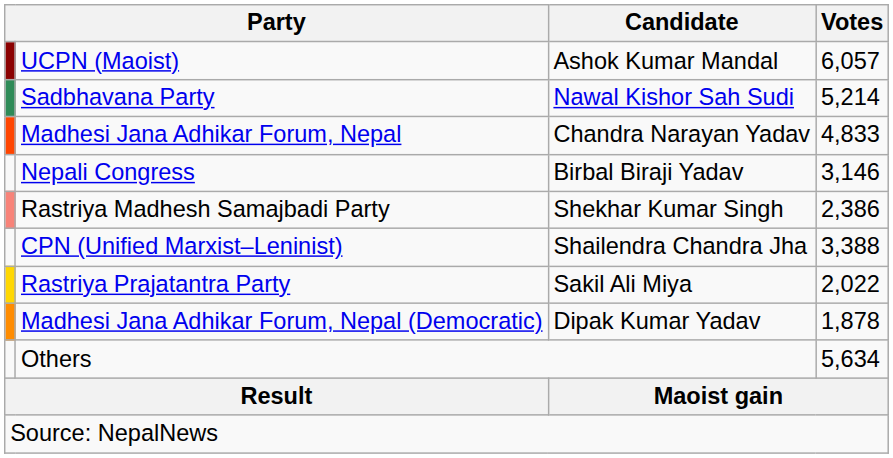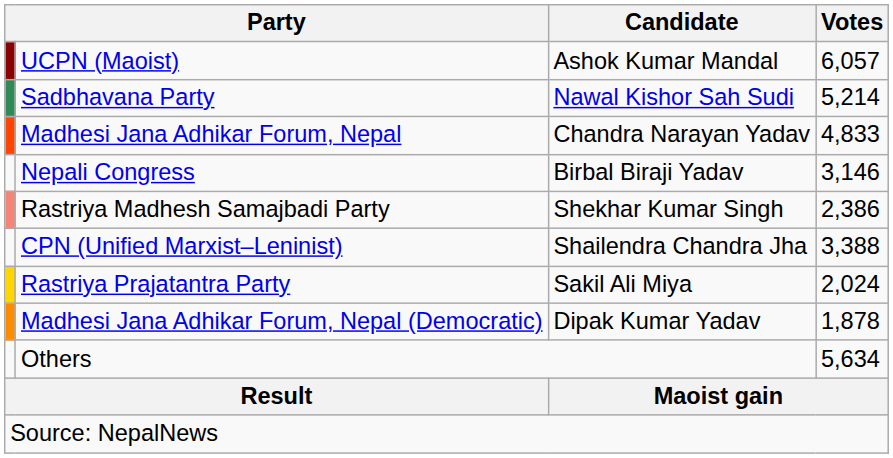 <table class="wikitable">
 <tr>
 <th colspan="2">Party</th>
 <th>Candidate</th>
 <th>Votes</th>
 </tr>
 <tr>
 <td style="background-color:darkred"></td>
 <td><a href='#'>UCPN (Maoist)</a></td>
 <td>Ashok Kumar Mandal</td>
 <td>6,057</td>
 </tr>
 <tr>
 <td style="background-color:seagreen"></td>
 <td><a href='#'>Sadbhavana Party</a></td>
 <td><a href='#'>Nawal Kishor Sah Sudi</a></td>
 <td>5,214</td>
 </tr>
 <tr>
 <td style="background-color:orangered"></td>
 <td><a href='#'>Madhesi Jana Adhikar Forum, Nepal</a></td>
 <td>Chandra Narayan Yadav</td>
 <td>4,833</td>
 </tr>
 <tr>
 <td style="background-color:"></td>
 <td><a href='#'>Nepali Congress</a></td>
 <td>Birbal Biraji Yadav</td>
 <td>3,146</td>
 </tr>
 <tr>
 <td style="background-color:#F88379"></td>
 <td>Rastriya Madhesh Samajbadi Party</td>
 <td>Shekhar Kumar Singh</td>
 <td>2,386</td>
 </tr>
 <tr>
 <td style="background-color:"></td>
 <td><a href='#'>CPN (Unified Marxist–Leninist)</a></td>
 <td>Shailendra Chandra Jha</td>
 <td>3,388</td>
 </tr>
 <tr>
 <td style="background-color:gold"></td>
 <td><a href='#'>Rastriya Prajatantra Party</a></td>
 <td>Sakil Ali Miya</td>
-<td>2,022</td>
+<td>2,024</td>
 </tr>
 <tr>
 <td style="background-color:darkorange"></td>
 <td><a href='#'>Madhesi Jana Adhikar Forum, Nepal (Democratic)</a></td>
 <td>Dipak Kumar Yadav</td>
 <td>1,878</td>
 </tr>
 <tr>
 <td></td>
 <td colspan="2">Others</td>
 <td>5,634</td>
 </tr>
 <tr>
 <th colspan="2">Result</th>
 <th colspan="2">Maoist gain</th>
 </tr>
 <tr>
 <td colspan="4">Source: NepalNews</td>
 </tr>
 </table>
